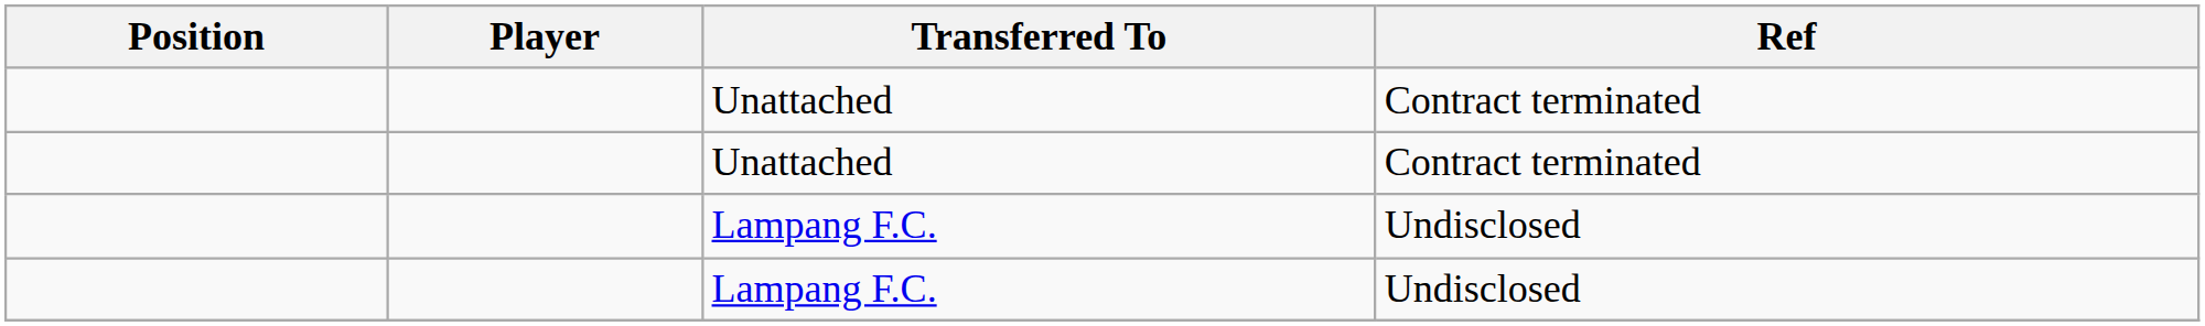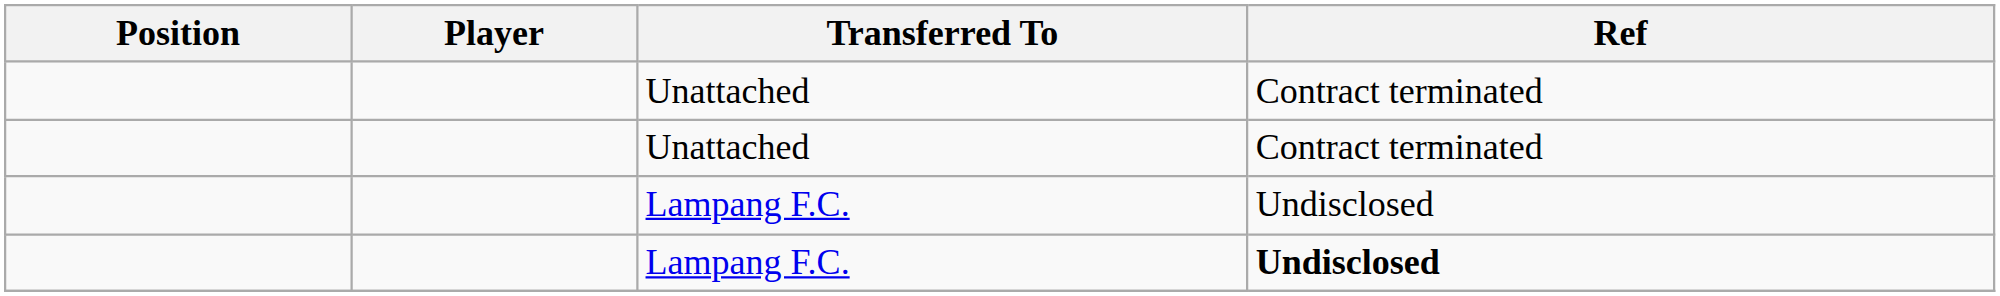 <table class="wikitable sortable" style="width:70%; text-align:center; font-size:100%; text-align:left;">
 <tr>
 <th>Position</th>
 <th>Player</th>
 <th>Transferred To</th>
 <th>Ref</th>
 </tr>
 <tr>
 <td></td>
 <td></td>
 <td>Unattached</td>
 <td>Contract terminated</td>
 </tr>
 <tr>
 <td></td>
 <td></td>
 <td>Unattached</td>
 <td>Contract terminated</td>
 </tr>
 <tr>
 <td></td>
 <td></td>
 <td> <a href='#'>Lampang F.C.</a></td>
 <td>Undisclosed </td>
 </tr>
 <tr>
 <td></td>
 <td></td>
 <td> <a href='#'>Lampang F.C.</a></td>
-<td>Undisclosed </td>
+<td><strong>Undisclosed </strong></td>
 </tr>
 <tr>
 </tr>
 </table>
